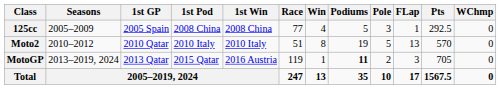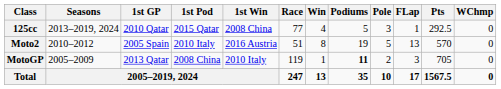 <table class="wikitable" style="text-align:right;">
 <tr>
 <th>Class</th>
 <th>Seasons</th>
 <th>1st GP</th>
 <th>1st Pod</th>
 <th>1st Win</th>
 <th>Race</th>
 <th>Win</th>
 <th>Podiums</th>
 <th>Pole</th>
 <th>FLap</th>
 <th>Pts</th>
 <th>WChmp</th>
 </tr>
 <tr>
 <th>125cc</th>
-<td style="text-align:left;">2005–2009</td>
-<td style="text-align:left;"><a href='#'>2005 Spain</a></td>
-<td style="text-align:left;"><a href='#'>2008 China</a></td>
+<td style="text-align:left;">2013–2019, 2024</td>
+<td style="text-align:left;"><a href='#'>2010 Qatar</a></td>
+<td style="text-align:left;"><a href='#'>2015 Qatar</a></td>
 <td style="text-align:left;"><a href='#'>2008 China</a></td>
 <td>77</td>
 <td>4</td>
 <td>5</td>
 <td>3</td>
 <td>1</td>
 <td>292.5</td>
 <td>0</td>
 </tr>
 <tr>
 <th>Moto2</th>
 <td style="text-align:left;">2010–2012</td>
-<td style="text-align:left;"><a href='#'>2010 Qatar</a></td>
+<td style="text-align:left;"><a href='#'>2005 Spain</a></td>
 <td style="text-align:left;"><a href='#'>2010 Italy</a></td>
-<td style="text-align:left;"><a href='#'>2010 Italy</a></td>
+<td style="text-align:left;"><a href='#'>2016 Austria</a></td>
 <td>51</td>
 <td>8</td>
 <td>19</td>
 <td>5</td>
 <td>13</td>
 <td>570</td>
 <td>0</td>
 </tr>
 <tr>
 <th>MotoGP</th>
-<td style="text-align:left;">2013–2019, 2024</td>
+<td style="text-align:left;">2005–2009</td>
 <td style="text-align:left;"><a href='#'>2013 Qatar</a></td>
-<td style="text-align:left;"><a href='#'>2015 Qatar</a></td>
-<td style="text-align:left;"><a href='#'>2016 Austria</a></td>
+<td style="text-align:left;"><a href='#'>2008 China</a></td>
+<td style="text-align:left;"><a href='#'>2010 Italy</a></td>
 <td>119</td>
 <td>1</td>
 <td><strong>11</strong></td>
 <td>2</td>
 <td>3</td>
 <td>705</td>
 <td>0</td>
 </tr>
 <tr>
 <th>Total</th>
 <th colspan="4">2005–2019, 2024</th>
 <td><strong>247</strong></td>
 <td><strong>13</strong></td>
 <td><strong>35</strong></td>
 <td><strong>10</strong></td>
 <td><strong>17</strong></td>
 <td><strong>1567.5</strong></td>
 <td><strong>0</strong></td>
 </tr>
 </table>
